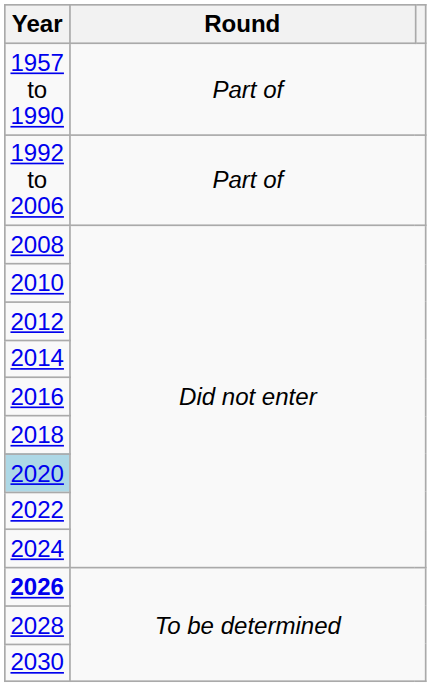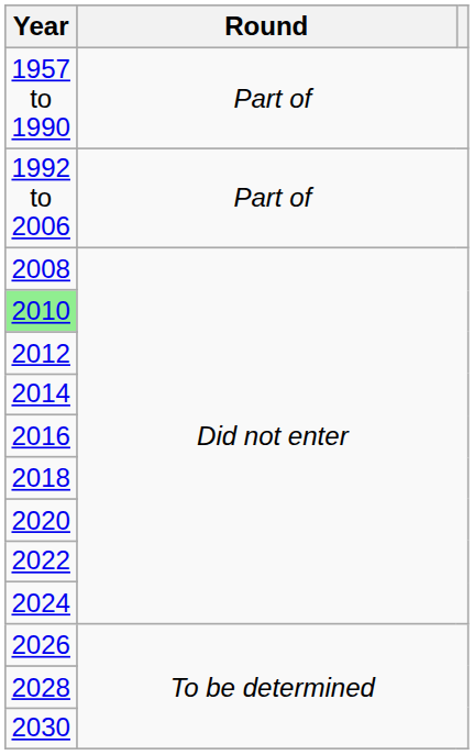 <table class="wikitable" style="text-align: center; font-size:90%">
 <tr>
 <th>Year</th>
 <th style="width:200px">Round</th>
 <th></th>
 </tr>
 <tr>
 <td><a href='#'>1957</a><br>to<br><a href='#'>1990</a></td>
 <td colspan="2"><em>Part of </em></td>
 </tr>
 <tr>
 <td><a href='#'>1992</a><br>to<br><a href='#'>2006</a></td>
 <td colspan="2"><em>Part of </em></td>
 </tr>
 <tr>
 <td><a href='#'>2008</a></td>
 <td colspan="2" rowspan="9"><em>Did not enter</em></td>
 </tr>
 <tr>
-<td><a href='#'>2010</a></td>
+<td style="background: lightgreen;"><a href='#'>2010</a></td>
 </tr>
 <tr>
 <td><a href='#'>2012</a></td>
 </tr>
 <tr>
 <td><a href='#'>2014</a></td>
 </tr>
 <tr>
 <td><a href='#'>2016</a></td>
 </tr>
 <tr>
 <td><a href='#'>2018</a></td>
 </tr>
 <tr>
-<td style="background: lightblue;"><a href='#'>2020</a></td>
+<td><a href='#'>2020</a></td>
 </tr>
 <tr>
 <td><a href='#'>2022</a></td>
 </tr>
 <tr>
 <td><a href='#'>2024</a></td>
 </tr>
 <tr>
-<td><strong><a href='#'>2026</a></strong></td>
+<td><a href='#'>2026</a></td>
 <td colspan="2" rowspan="3"><em>To be determined</em></td>
 </tr>
 <tr>
 <td><a href='#'>2028</a></td>
 </tr>
 <tr>
 <td><a href='#'>2030</a></td>
 </tr>
 </table>
